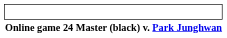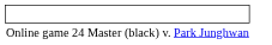 <table style="display:inline; display:inline-table;">
 <tr>
 <td style="border: solid thin; padding: 2px;"><br></td>
 </tr>
 <tr>
-<td style="text-align:center"><strong>Online game 24 Master (black) v. <a href='#'>Park Junghwan</a></strong></td>
+<td style="text-align:center">Online game 24 Master (black) v. <a href='#'>Park Junghwan</a></td>
 </tr>
 </table>
